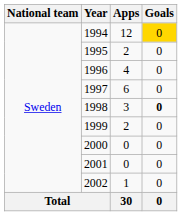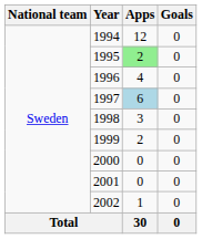 <table class="wikitable" style="text-align:center">
 <tr>
 <th>National team</th>
 <th>Year</th>
 <th>Apps</th>
 <th>Goals</th>
 </tr>
 <tr>
 <td rowspan="9"><a href='#'>Sweden</a></td>
 <td>1994</td>
 <td>12</td>
-<td style="background: gold;">0</td>
+<td>0</td>
 </tr>
 <tr>
 <td>1995</td>
-<td>2</td>
+<td style="background: lightgreen;">2</td>
 <td>0</td>
 </tr>
 <tr>
 <td>1996</td>
 <td>4</td>
 <td>0</td>
 </tr>
 <tr>
 <td>1997</td>
-<td>6</td>
+<td style="background: lightblue;">6</td>
 <td>0</td>
 </tr>
 <tr>
 <td>1998</td>
 <td>3</td>
-<td><strong>0</strong></td>
+<td>0</td>
 </tr>
 <tr>
 <td>1999</td>
 <td>2</td>
 <td>0</td>
 </tr>
 <tr>
 <td>2000</td>
 <td>0</td>
 <td>0</td>
 </tr>
 <tr>
 <td>2001</td>
 <td>0</td>
 <td>0</td>
 </tr>
 <tr>
 <td>2002</td>
 <td>1</td>
 <td>0</td>
 </tr>
 <tr>
 <th colspan="2">Total</th>
 <th>30</th>
 <th>0</th>
 </tr>
 </table>
